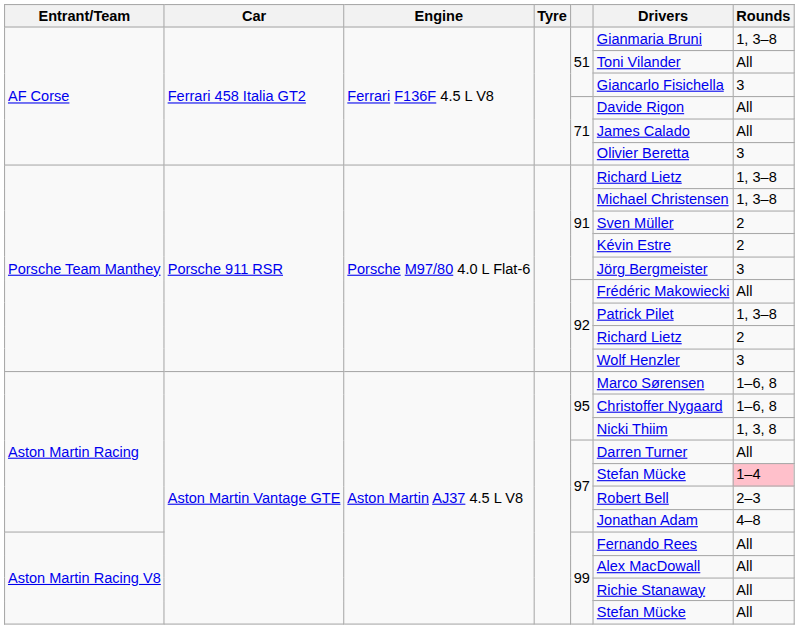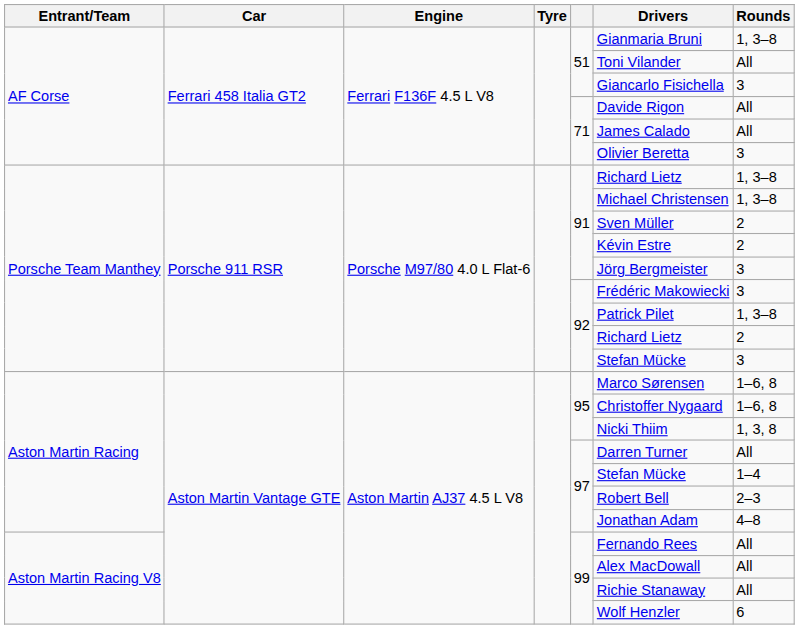 <table class="wikitable" style="font-size: 85%">
 <tr>
 <th>Entrant/Team</th>
 <th>Car</th>
 <th>Engine</th>
 <th>Tyre</th>
 <th></th>
 <th>Drivers</th>
 <th>Rounds</th>
 </tr>
 <tr>
 <td rowspan=6> <a href='#'>AF Corse</a></td>
 <td rowspan=6><a href='#'>Ferrari 458 Italia GT2</a></td>
 <td rowspan=6><a href='#'>Ferrari</a> <a href='#'>F136F</a> 4.5 L V8</td>
 <td rowspan=6></td>
 <td rowspan=3>51</td>
 <td> <a href='#'>Gianmaria Bruni</a></td>
 <td>1, 3–8</td>
 </tr>
 <tr>
 <td> <a href='#'>Toni Vilander</a></td>
 <td>All</td>
 </tr>
 <tr>
 <td> <a href='#'>Giancarlo Fisichella</a></td>
 <td>3</td>
 </tr>
 <tr>
 <td rowspan=3>71</td>
 <td> <a href='#'>Davide Rigon</a></td>
 <td>All</td>
 </tr>
 <tr>
 <td> <a href='#'>James Calado</a></td>
 <td>All</td>
 </tr>
 <tr>
 <td> <a href='#'>Olivier Beretta</a></td>
 <td>3</td>
 </tr>
 <tr>
 <td rowspan=9> <a href='#'>Porsche Team Manthey</a></td>
 <td rowspan=9><a href='#'>Porsche 911 RSR</a></td>
 <td rowspan=9><a href='#'>Porsche</a> <a href='#'>M97/80</a> 4.0 L Flat-6</td>
 <td rowspan=9></td>
 <td rowspan=5>91</td>
 <td> <a href='#'>Richard Lietz</a></td>
 <td>1, 3–8</td>
 </tr>
 <tr>
 <td> <a href='#'>Michael Christensen</a></td>
 <td>1, 3–8</td>
 </tr>
 <tr>
 <td> <a href='#'>Sven Müller</a></td>
 <td>2</td>
 </tr>
 <tr>
 <td> <a href='#'>Kévin Estre</a></td>
 <td>2</td>
 </tr>
 <tr>
 <td> <a href='#'>Jörg Bergmeister</a></td>
 <td>3</td>
 </tr>
 <tr>
 <td rowspan=4>92</td>
 <td> <a href='#'>Frédéric Makowiecki</a></td>
-<td>All</td>
+<td>3</td>
 </tr>
 <tr>
 <td> <a href='#'>Patrick Pilet</a></td>
 <td>1, 3–8</td>
 </tr>
 <tr>
 <td> <a href='#'>Richard Lietz</a></td>
 <td>2</td>
 </tr>
 <tr>
-<td> <a href='#'>Wolf Henzler</a></td>
+<td> <a href='#'>Stefan Mücke</a></td>
 <td>3</td>
 </tr>
 <tr>
 <td rowspan=7> <a href='#'>Aston Martin Racing</a></td>
 <td rowspan=11><a href='#'>Aston Martin Vantage GTE</a></td>
 <td rowspan=11><a href='#'>Aston Martin</a> <a href='#'>AJ37</a> 4.5 L V8</td>
 <td rowspan=11></td>
 <td rowspan=3>95</td>
 <td> <a href='#'>Marco Sørensen</a></td>
 <td>1–6, 8</td>
 </tr>
 <tr>
 <td> <a href='#'>Christoffer Nygaard</a></td>
 <td>1–6, 8</td>
 </tr>
 <tr>
 <td> <a href='#'>Nicki Thiim</a></td>
 <td>1, 3, 8</td>
 </tr>
 <tr>
 <td rowspan=4>97</td>
 <td> <a href='#'>Darren Turner</a></td>
 <td>All</td>
 </tr>
 <tr>
 <td> <a href='#'>Stefan Mücke</a></td>
-<td style="background: pink;">1–4</td>
+<td>1–4</td>
 </tr>
 <tr>
 <td> <a href='#'>Robert Bell</a></td>
 <td>2–3</td>
 </tr>
 <tr>
 <td> <a href='#'>Jonathan Adam</a></td>
 <td>4–8</td>
 </tr>
 <tr>
 <td rowspan=4> <a href='#'>Aston Martin Racing V8</a></td>
 <td rowspan=4>99</td>
 <td> <a href='#'>Fernando Rees</a></td>
 <td>All</td>
 </tr>
 <tr>
 <td> <a href='#'>Alex MacDowall</a></td>
 <td>All</td>
 </tr>
 <tr>
 <td> <a href='#'>Richie Stanaway</a></td>
 <td>All</td>
 </tr>
 <tr>
-<td> <a href='#'>Stefan Mücke</a></td>
-<td>All</td>
+<td> <a href='#'>Wolf Henzler</a></td>
+<td>6</td>
 </tr>
 </table>
